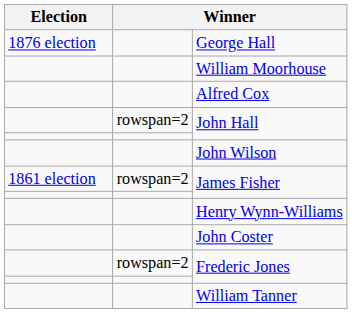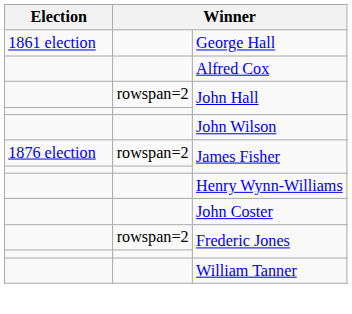 <table class=wikitable>
 <tr>
 <th width=100>Election</th>
 <th width=175 colspan=2>Winner</th>
 </tr>
 <tr>
-<td><a href='#'>1876 election</a></td>
+<td><a href='#'>1861 election</a></td>
 <td></td>
 <td><a href='#'>George Hall</a></td>
-</tr>
-<tr>
-<td></td>
-<td></td>
-<td><a href='#'>William Moorhouse</a></td>
 </tr>
 <tr>
 <td></td>
 <td></td>
 <td><a href='#'>Alfred Cox</a></td>
 </tr>
 <tr>
 <td></td>
 <td>rowspan=2 </td>
 <td rowspan=2><a href='#'>John Hall</a></td>
 </tr>
 <tr>
 <td></td>
 </tr>
 <tr>
 <td></td>
 <td></td>
 <td><a href='#'>John Wilson</a></td>
 </tr>
 <tr>
-<td><a href='#'>1861 election</a></td>
+<td><a href='#'>1876 election</a></td>
 <td>rowspan=2 </td>
 <td rowspan=2><a href='#'>James Fisher</a></td>
 </tr>
 <tr>
 <td></td>
 </tr>
 <tr>
 <td></td>
 <td></td>
 <td><a href='#'>Henry Wynn-Williams</a></td>
 </tr>
 <tr>
 <td></td>
 <td></td>
 <td><a href='#'>John Coster</a></td>
 </tr>
 <tr>
 <td></td>
 <td>rowspan=2 </td>
 <td rowspan=2><a href='#'>Frederic Jones</a></td>
 </tr>
 <tr>
 <td></td>
 </tr>
 <tr>
 <td></td>
 <td></td>
 <td><a href='#'>William Tanner</a></td>
 </tr>
 </table>
